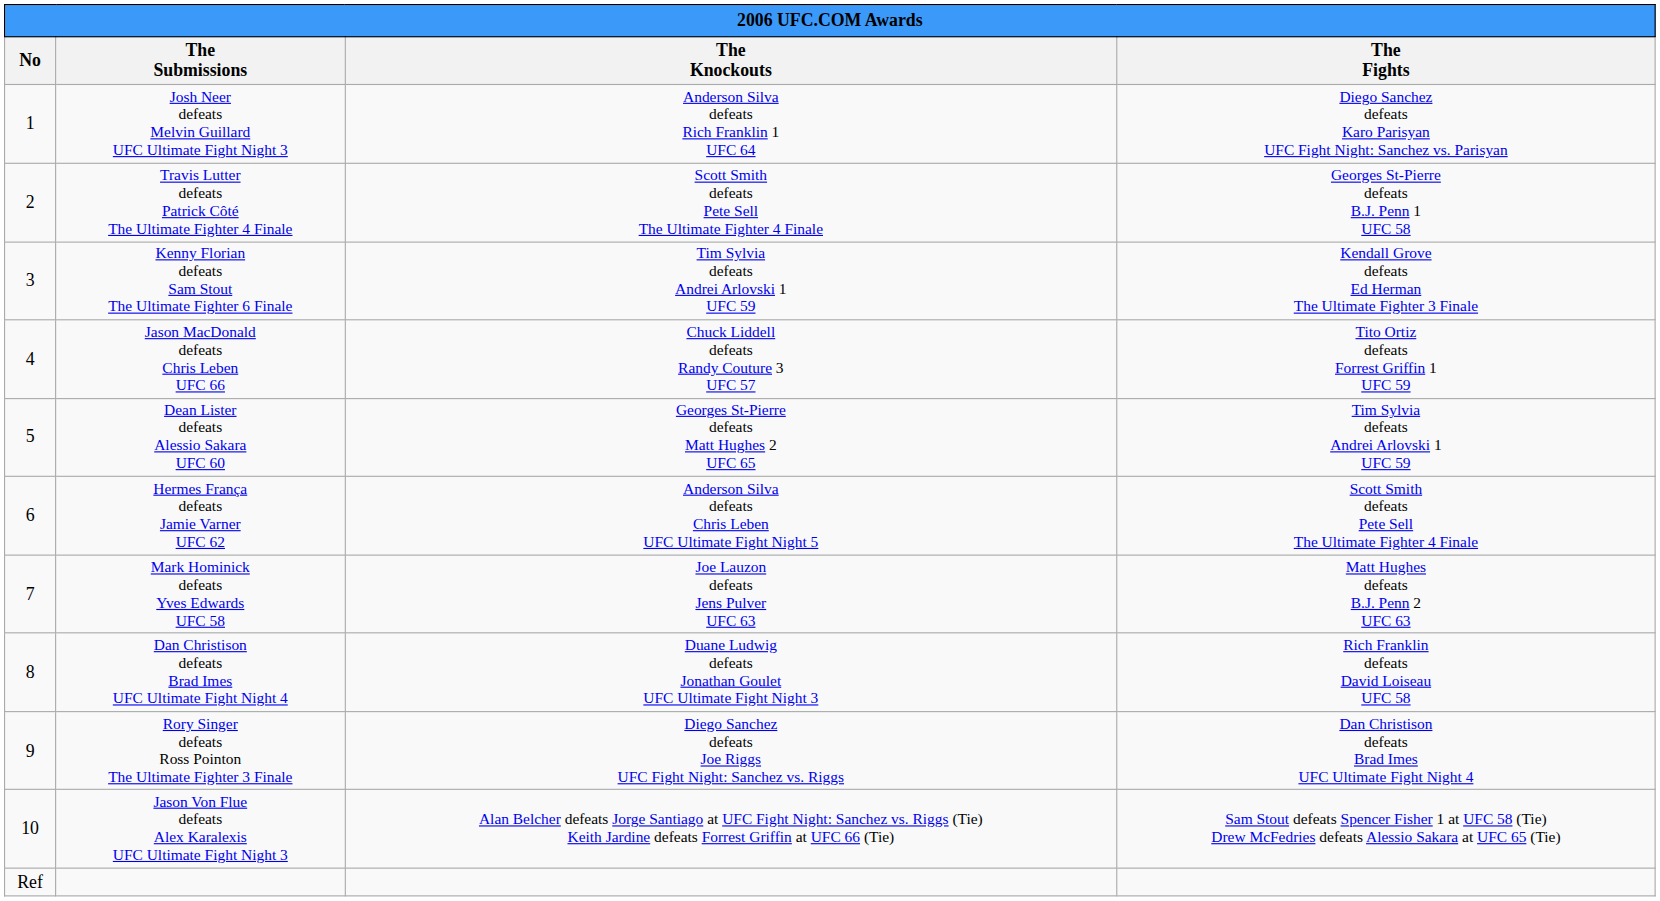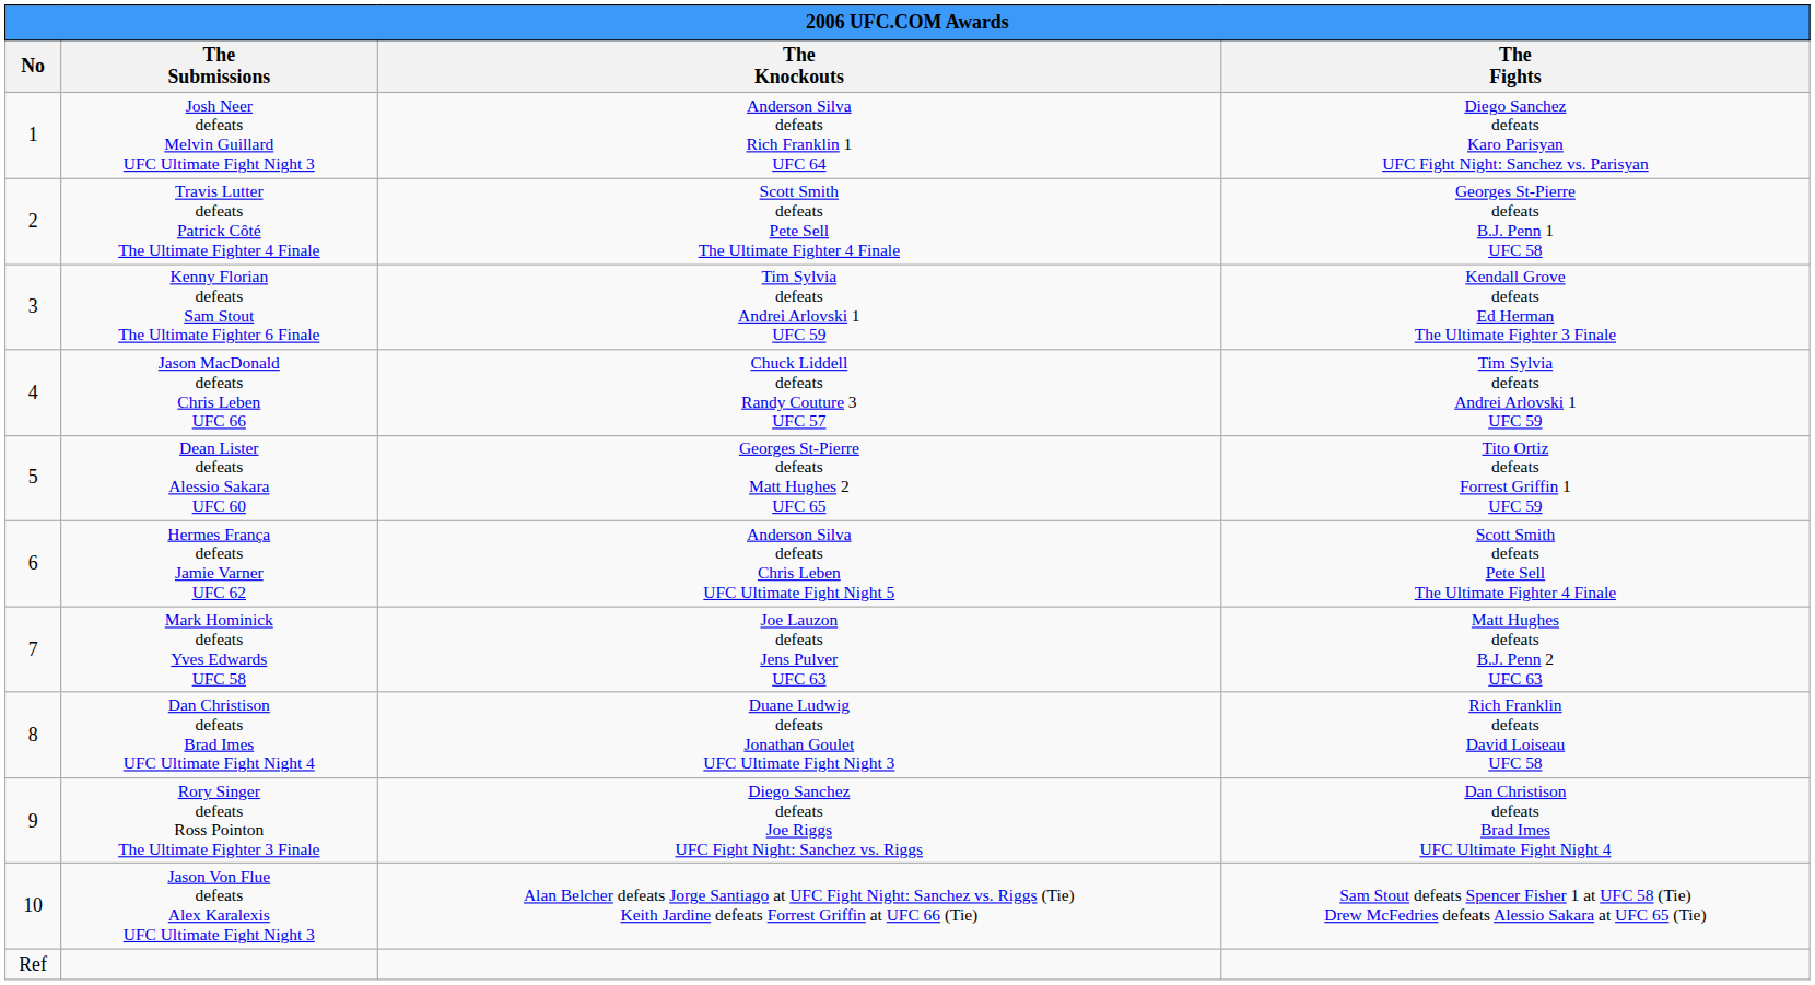 <table class="wikitable" width="75%" style="text-align:Center">
 <tr>
 <th colspan="6" style="border: 1px solid black; padding: 5px; background: #3B99FA;">2006 UFC.COM Awards</th>
 </tr>
 <tr>
 <th>No</th>
 <th>The<br>Submissions</th>
 <th>The<br>Knockouts</th>
 <th>The<br>Fights</th>
 </tr>
 <tr>
 <td>1</td>
 <td style="font-size:87%"><a href='#'>Josh Neer</a> <br> defeats <br> <a href='#'>Melvin Guillard</a><br> <a href='#'>UFC Ultimate Fight Night 3</a></td>
 <td style="font-size:87%"><a href='#'>Anderson Silva</a> <br> defeats  <br> <a href='#'>Rich Franklin</a> 1 <br> <a href='#'>UFC 64</a></td>
 <td style="font-size:87%"><a href='#'>Diego Sanchez</a> <br> defeats  <br> <a href='#'>Karo Parisyan</a> <br> <a href='#'>UFC Fight Night: Sanchez vs. Parisyan</a></td>
 </tr>
 <tr>
 <td>2</td>
 <td style="font-size:87%"><a href='#'>Travis Lutter</a> <br> defeats <br> <a href='#'>Patrick Côté</a> <br> <a href='#'>The Ultimate Fighter 4 Finale</a></td>
 <td style="font-size:87%"><a href='#'>Scott Smith</a> <br> defeats <br> <a href='#'>Pete Sell</a><br> <a href='#'>The Ultimate Fighter 4 Finale</a></td>
 <td style="font-size:87%"><a href='#'>Georges St-Pierre</a> <br> defeats <br> <a href='#'>B.J. Penn</a> 1 <br> <a href='#'>UFC 58</a></td>
 </tr>
 <tr>
 <td>3</td>
 <td style="font-size:87%"><a href='#'>Kenny Florian</a> <br> defeats  <br> <a href='#'>Sam Stout</a> <br> <a href='#'>The Ultimate Fighter 6 Finale</a></td>
 <td style="font-size:87%"><a href='#'>Tim Sylvia</a> <br> defeats <br> <a href='#'>Andrei Arlovski</a> 1 <br> <a href='#'>UFC 59</a></td>
 <td style="font-size:87%"><a href='#'>Kendall Grove</a> <br> defeats <br> <a href='#'>Ed Herman</a> <br> <a href='#'>The Ultimate Fighter 3 Finale</a></td>
 </tr>
 <tr>
 <td>4</td>
 <td style="font-size:87%"><a href='#'>Jason MacDonald</a> <br> defeats <br> <a href='#'>Chris Leben</a> <br> <a href='#'>UFC 66</a></td>
 <td style="font-size:87%"><a href='#'>Chuck Liddell</a> <br> defeats <br> <a href='#'>Randy Couture</a> 3 <br> <a href='#'>UFC 57</a></td>
-<td style="font-size:87%"><a href='#'>Tito Ortiz</a> <br> defeats <br> <a href='#'>Forrest Griffin</a> 1<br> <a href='#'>UFC 59</a></td>
+<td style="font-size:87%"><a href='#'>Tim Sylvia</a> <br> defeats <br> <a href='#'>Andrei Arlovski</a> 1<br> <a href='#'>UFC 59</a></td>
 </tr>
 <tr>
 <td>5</td>
 <td style="font-size:87%"><a href='#'>Dean Lister</a> <br> defeats <br> <a href='#'>Alessio Sakara</a> <br> <a href='#'>UFC 60</a></td>
 <td style="font-size:87%"><a href='#'>Georges St-Pierre</a> <br> defeats <br> <a href='#'>Matt Hughes</a> 2<br> <a href='#'>UFC 65</a></td>
-<td style="font-size:87%"><a href='#'>Tim Sylvia</a> <br> defeats <br> <a href='#'>Andrei Arlovski</a> 1<br> <a href='#'>UFC 59</a></td>
+<td style="font-size:87%"><a href='#'>Tito Ortiz</a> <br> defeats <br> <a href='#'>Forrest Griffin</a> 1<br> <a href='#'>UFC 59</a></td>
 </tr>
 <tr>
 <td>6</td>
 <td style="font-size:87%"><a href='#'>Hermes França</a> <br> defeats <br> <a href='#'>Jamie Varner</a> <br> <a href='#'>UFC 62</a></td>
 <td style="font-size:87%"><a href='#'>Anderson Silva</a> <br> defeats <br> <a href='#'>Chris Leben</a> <br> <a href='#'>UFC Ultimate Fight Night 5</a></td>
 <td style="font-size:87%"><a href='#'>Scott Smith</a> <br> defeats <br> <a href='#'>Pete Sell</a><br> <a href='#'>The Ultimate Fighter 4 Finale</a></td>
 </tr>
 <tr>
 <td>7</td>
 <td style="font-size:87%"><a href='#'>Mark Hominick</a> <br> defeats <br> <a href='#'>Yves Edwards</a> <br> <a href='#'>UFC 58</a></td>
 <td style="font-size:87%"><a href='#'>Joe Lauzon</a> <br> defeats <br> <a href='#'>Jens Pulver</a> <br> <a href='#'>UFC 63</a></td>
 <td style="font-size:87%"><a href='#'>Matt Hughes</a> <br> defeats <br> <a href='#'>B.J. Penn</a> 2 <br> <a href='#'>UFC 63</a></td>
 </tr>
 <tr>
 <td>8</td>
 <td style="font-size:87%"><a href='#'>Dan Christison</a> <br> defeats <br> <a href='#'>Brad Imes</a> <br> <a href='#'>UFC Ultimate Fight Night 4</a></td>
 <td style="font-size:87%"><a href='#'>Duane Ludwig</a> <br> defeats <br> <a href='#'>Jonathan Goulet</a> <br> <a href='#'>UFC Ultimate Fight Night 3</a></td>
 <td style="font-size:87%"><a href='#'>Rich Franklin</a> <br> defeats <br> <a href='#'>David Loiseau</a> <br> <a href='#'>UFC 58</a></td>
 </tr>
 <tr>
 <td>9</td>
 <td style="font-size:87%"><a href='#'>Rory Singer</a> <br> defeats <br> Ross Pointon <br> <a href='#'>The Ultimate Fighter 3 Finale</a></td>
 <td style="font-size:87%"><a href='#'>Diego Sanchez</a> <br> defeats <br> <a href='#'>Joe Riggs</a> <br> <a href='#'>UFC Fight Night: Sanchez vs. Riggs</a></td>
 <td style="font-size:87%"><a href='#'>Dan Christison</a> <br> defeats <br> <a href='#'>Brad Imes</a> <br> <a href='#'>UFC Ultimate Fight Night 4</a></td>
 </tr>
 <tr>
 <td>10</td>
 <td style="font-size:87%"><a href='#'>Jason Von Flue</a> <br> defeats <br> <a href='#'>Alex Karalexis</a> <br> <a href='#'>UFC Ultimate Fight Night 3</a></td>
 <td style="font-size:87%"><a href='#'>Alan Belcher</a> defeats <a href='#'>Jorge Santiago</a> at <a href='#'>UFC Fight Night: Sanchez vs. Riggs</a> (Tie) <br> <a href='#'>Keith Jardine</a> defeats <a href='#'>Forrest Griffin</a> at <a href='#'>UFC 66</a> (Tie)</td>
 <td style="font-size:87%"><a href='#'>Sam Stout</a> defeats <a href='#'>Spencer Fisher</a> 1 at <a href='#'>UFC 58</a> (Tie) <br> <a href='#'>Drew McFedries</a> defeats <a href='#'>Alessio Sakara</a> at <a href='#'>UFC 65</a> (Tie)</td>
 </tr>
 <tr>
 <td>Ref</td>
 <td></td>
 <td></td>
 <td></td>
 </tr>
 </table>
